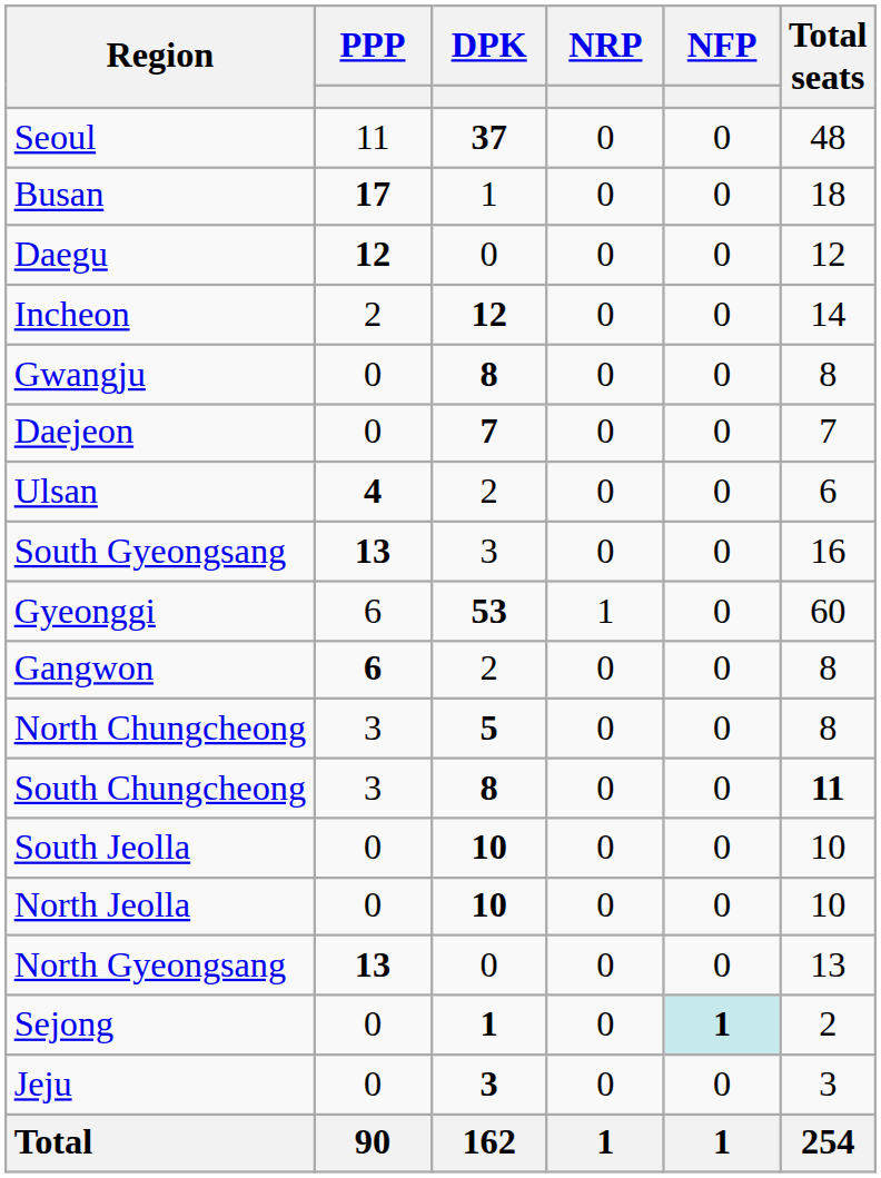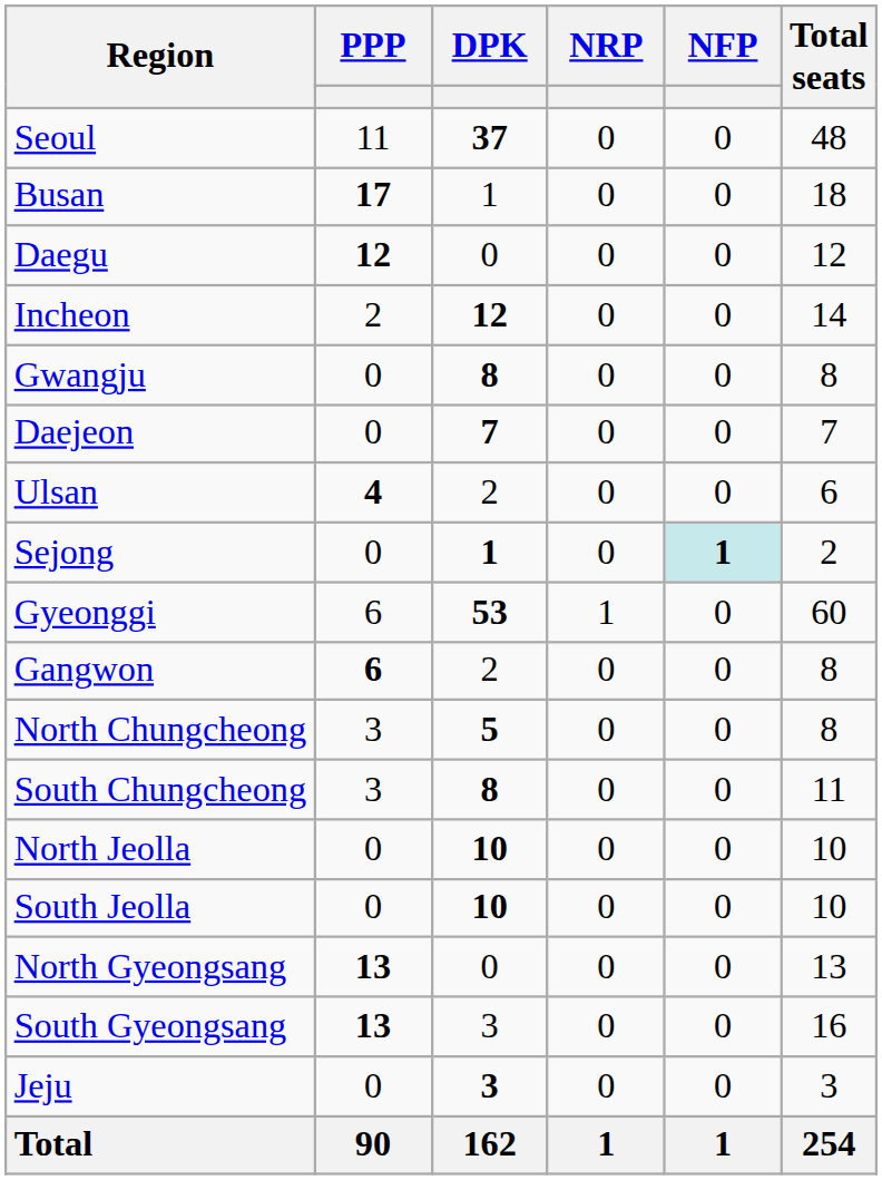 <table class="wikitable nowrap sortable" style="text-align:center; font-size:90%">
 <tr>
 <th rowspan="2">Region</th>
 <th style="width:40px" class="unsortable"><a href='#'>PPP</a></th>
 <th style="width:40px" class="unsortable"><a href='#'>DPK</a></th>
 <th style="width:40px" class="unsortable"><a href='#'>NRP</a></th>
 <th style="width:40px" class="unsortable"><a href='#'>NFP</a></th>
 <th rowspan="2">Total<br>seats</th>
 </tr>
 <tr>
 <th style="background:"></th>
 <th style="background:"></th>
 <th style="background:"></th>
 <th style="background:"></th>
 </tr>
 <tr>
 <td style="text-align:left"><a href='#'>Seoul</a></td>
 <td>11</td>
 <td><strong>37</strong></td>
 <td>0</td>
 <td>0</td>
 <td>48</td>
 </tr>
 <tr>
 <td style="text-align:left"><a href='#'>Busan</a></td>
 <td><strong>17</strong></td>
 <td>1</td>
 <td>0</td>
 <td>0</td>
 <td>18</td>
 </tr>
 <tr>
 <td style="text-align:left"><a href='#'>Daegu</a></td>
 <td><strong>12</strong></td>
 <td>0</td>
 <td>0</td>
 <td>0</td>
 <td>12</td>
 </tr>
 <tr>
 <td style="text-align:left"><a href='#'>Incheon</a></td>
 <td>2</td>
 <td><strong>12</strong></td>
 <td>0</td>
 <td>0</td>
 <td>14</td>
 </tr>
 <tr>
 <td style="text-align:left"><a href='#'>Gwangju</a></td>
 <td>0</td>
 <td><strong>8</strong></td>
 <td>0</td>
 <td>0</td>
 <td>8</td>
 </tr>
 <tr>
 <td style="text-align:left"><a href='#'>Daejeon</a></td>
 <td>0</td>
 <td><strong>7</strong></td>
 <td>0</td>
 <td>0</td>
 <td>7</td>
 </tr>
 <tr>
 <td style="text-align:left"><a href='#'>Ulsan</a></td>
 <td><strong>4</strong></td>
 <td>2</td>
 <td>0</td>
 <td>0</td>
 <td>6</td>
 </tr>
 <tr>
-<td style="text-align:left" data-sort-value="Gyeongsang S"><a href='#'>South Gyeongsang</a></td>
-<td><strong>13</strong></td>
-<td>3</td>
+<td style="text-align:left"><a href='#'>Sejong</a></td>
 <td>0</td>
+<td><strong>1</strong></td>
 <td>0</td>
-<td>16</td>
+<td bgcolor=#C6EAEC><strong>1</strong></td>
+<td>2</td>
 </tr>
 <tr>
 <td style="text-align:left"><a href='#'>Gyeonggi</a></td>
 <td>6</td>
 <td><strong>53</strong></td>
 <td>1</td>
 <td>0</td>
 <td>60</td>
 </tr>
 <tr>
 <td style="text-align:left"><a href='#'>Gangwon</a></td>
 <td><strong>6</strong></td>
 <td>2</td>
 <td>0</td>
 <td>0</td>
 <td>8</td>
 </tr>
 <tr>
 <td style="text-align:left" data-sort-value="Chungcheong N"><a href='#'>North Chungcheong</a></td>
 <td>3</td>
 <td><strong>5</strong></td>
 <td>0</td>
 <td>0</td>
 <td>8</td>
 </tr>
 <tr>
 <td style="text-align:left" data-sort-value="Chungcheong S"><a href='#'>South Chungcheong</a></td>
 <td>3</td>
 <td><strong>8</strong></td>
 <td>0</td>
 <td>0</td>
-<td><strong>11</strong></td>
+<td>11</td>
 </tr>
 <tr>
-<td style="text-align:left" data-sort-value="Jeolla S"><a href='#'>South Jeolla</a></td>
+<td style="text-align:left" data-sort-value="Jeolla N"><a href='#'>North Jeolla</a></td>
 <td>0</td>
 <td><strong>10</strong></td>
 <td>0</td>
 <td>0</td>
 <td>10</td>
 </tr>
 <tr>
-<td style="text-align:left" data-sort-value="Jeolla N"><a href='#'>North Jeolla</a></td>
+<td style="text-align:left" data-sort-value="Jeolla S"><a href='#'>South Jeolla</a></td>
 <td>0</td>
 <td><strong>10</strong></td>
 <td>0</td>
 <td>0</td>
 <td>10</td>
 </tr>
 <tr>
 <td style="text-align:left" data-sort-value="Gyeongsang N"><a href='#'>North Gyeongsang</a></td>
 <td><strong>13</strong></td>
 <td>0</td>
 <td>0</td>
 <td>0</td>
 <td>13</td>
 </tr>
 <tr>
-<td style="text-align:left"><a href='#'>Sejong</a></td>
+<td style="text-align:left" data-sort-value="Gyeongsang S"><a href='#'>South Gyeongsang</a></td>
+<td><strong>13</strong></td>
+<td>3</td>
 <td>0</td>
-<td><strong>1</strong></td>
 <td>0</td>
-<td bgcolor=#C6EAEC><strong>1</strong></td>
-<td>2</td>
+<td>16</td>
 </tr>
 <tr>
 <td style="text-align:left"><a href='#'>Jeju</a></td>
 <td>0</td>
 <td><strong>3</strong></td>
 <td>0</td>
 <td>0</td>
 <td>3</td>
 </tr>
 <tr class="sortbottom">
 <th style="text-align:left">Total</th>
 <th>90</th>
 <th>162</th>
 <th>1</th>
 <th>1</th>
 <th>254</th>
 </tr>
 </table>
